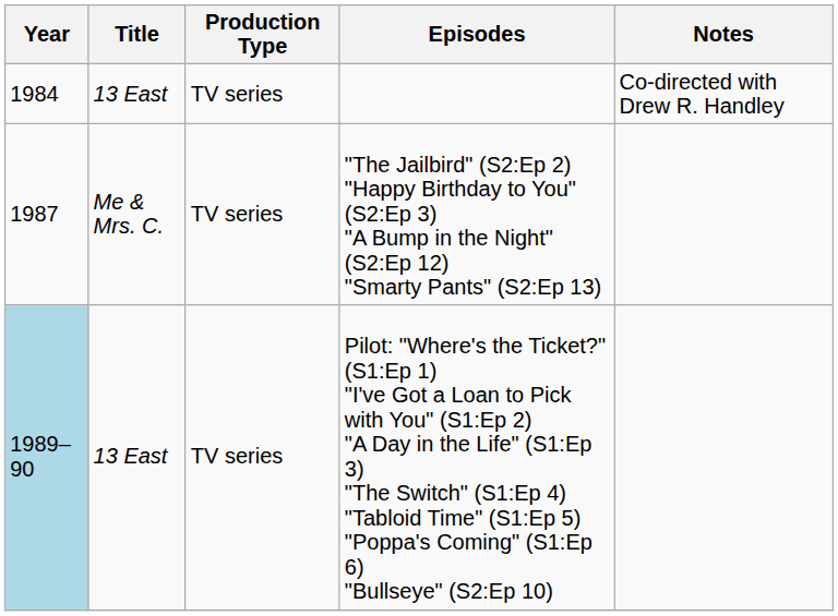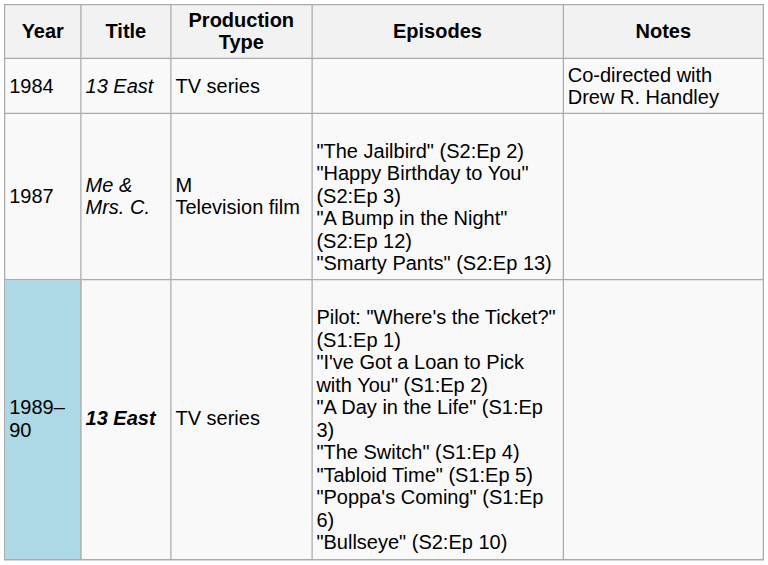 <table class="wikitable sortable">
 <tr>
 <th>Year</th>
 <th>Title</th>
 <th>Production Type</th>
 <th class="unsortable">Episodes</th>
 <th class="unsortable">Notes</th>
 </tr>
 <tr>
 <td>1984</td>
 <td><em>13 East</em></td>
 <td>TV series</td>
 <td></td>
 <td>Co-directed with Drew R. Handley </td>
 </tr>
 <tr>
 <td>1987</td>
 <td><em>Me & Mrs. C.</em></td>
-<td>TV series</td>
+<td>M<br>Television film</td>
 <td><br>"The Jailbird" (S2:Ep 2)<br> "Happy Birthday to You" (S2:Ep 3)<br> "A Bump in the Night" (S2:Ep 12)<br> "Smarty Pants" (S2:Ep 13)</td>
 <td></td>
 </tr>
 <tr>
 <td style="background: lightblue;">1989–90</td>
-<td><em>13 East</em></td>
+<td><strong><em>13 East</em></strong></td>
 <td>TV series</td>
 <td><br>Pilot: "Where's the Ticket?" (S1:Ep 1)<br> "I've Got a Loan to Pick with You" (S1:Ep 2)<br> "A Day in the Life" (S1:Ep 3)<br> "The Switch" (S1:Ep 4)<br> "Tabloid Time" (S1:Ep 5)<br> "Poppa's Coming" (S1:Ep 6)<br> "Bullseye" (S2:Ep 10)</td>
 <td></td>
 </tr>
 <tr>
 </tr>
 </table>
